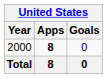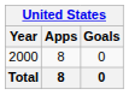 <table class="wikitable" style="text-align:center">
 <tr>
 <th colspan=3><a href='#'>United States</a></th>
 </tr>
 <tr>
 <th>Year</th>
 <th>Apps</th>
 <th>Goals</th>
 </tr>
 <tr>
 <td>2000</td>
-<td><strong>8</strong></td>
+<td>8</td>
 <td>0</td>
 </tr>
 <tr>
 <th>Total</th>
 <th>8</th>
 <th>0</th>
 </tr>
 </table>
